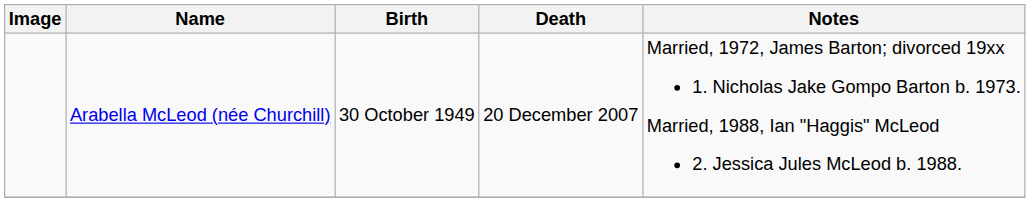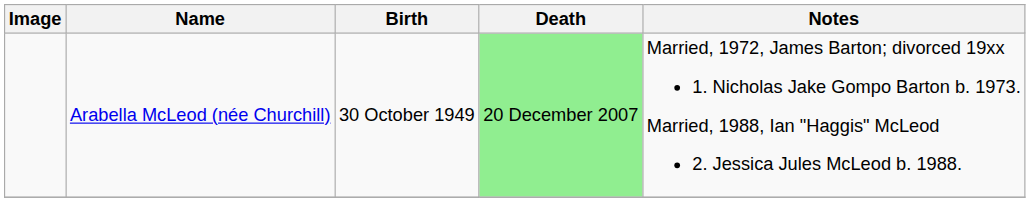 <table class="wikitable">
 <tr>
 <th>Image</th>
 <th>Name</th>
 <th>Birth</th>
 <th>Death</th>
 <th>Notes</th>
 </tr>
 <tr>
 <td></td>
 <td><a href='#'>Arabella McLeod (née Churchill)</a></td>
 <td>30 October 1949</td>
-<td>20 December 2007</td>
+<td style="background: lightgreen;">20 December 2007</td>
 <td>Married, 1972, James Barton; divorced 19xx<br><ul><li>1. Nicholas Jake Gompo Barton b. 1973.</li></ul>Married, 1988, Ian "Haggis" McLeod<ul><li>2. Jessica Jules McLeod b. 1988.</li></ul></td>
 </tr>
 <tr>
 </tr>
 </table>
